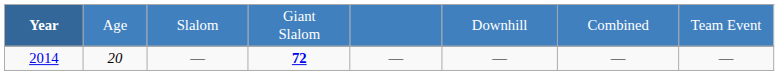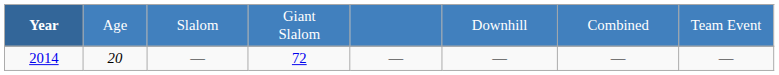 <table class="wikitable" style="font-size:95%; text-align:center; border:grey solid 1px; border-collapse:collapse;" width="40%">
 <tr style="background-color:#369; color:white;">
 <td rowspan="2" colspan="1" width="4%"><strong>Year</strong></td>
 </tr>
 <tr style="background-color:#4180be; color:white;">
 <td width="3%">Age</td>
 <td width="5%">Slalom</td>
 <td width="5%">Giant<br>Slalom</td>
 <td width="5%"></td>
 <td width="5%">Downhill</td>
 <td width="5%">Combined</td>
 <td width="5%">Team Event</td>
 </tr>
 <tr style="background-color:#8CB2D8; color:white;">
 </tr>
 <tr>
 <td><a href='#'>2014</a></td>
 <td><em>20</em></td>
 <td>—</td>
-<td><strong><a href='#'>72</a></strong></td>
+<td><a href='#'>72</a></td>
 <td>—</td>
 <td>—</td>
 <td>—</td>
 <td>—</td>
 </tr>
 </table>
